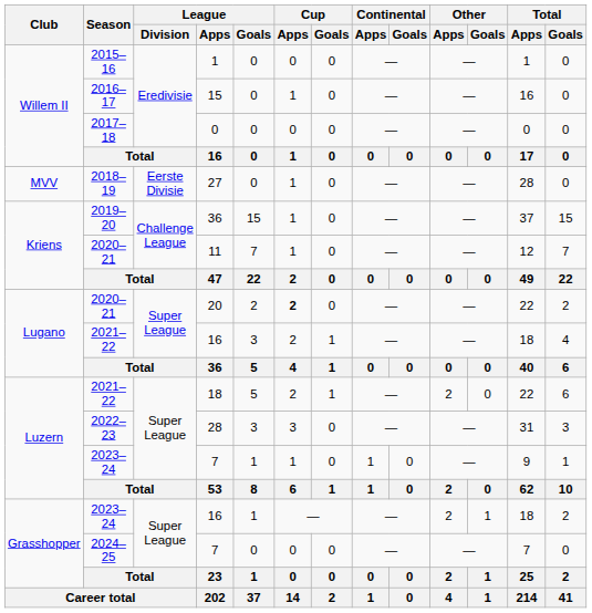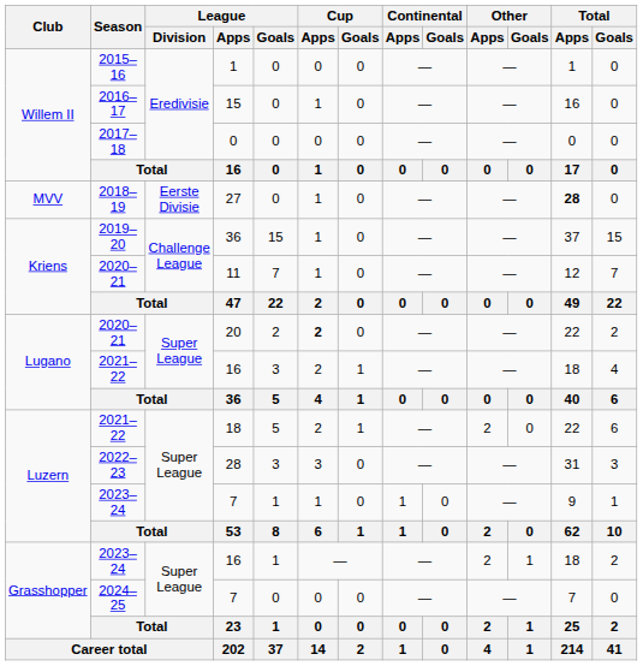 <table class="wikitable" style="text-align:center">
 <tr>
 <th rowspan="2">Club</th>
 <th rowspan="2">Season</th>
 <th colspan="3">League</th>
 <th colspan="2">Cup</th>
 <th colspan="2">Continental</th>
 <th colspan="2">Other</th>
 <th colspan="2">Total</th>
 </tr>
 <tr>
 <th>Division</th>
 <th>Apps</th>
 <th>Goals</th>
 <th>Apps</th>
 <th>Goals</th>
 <th>Apps</th>
 <th>Goals</th>
 <th>Apps</th>
 <th>Goals</th>
 <th>Apps</th>
 <th>Goals</th>
 </tr>
 <tr>
 <td rowspan="4"><a href='#'>Willem II</a></td>
 <td><a href='#'>2015–16</a></td>
 <td rowspan="3"><a href='#'>Eredivisie</a></td>
 <td>1</td>
 <td>0</td>
 <td>0</td>
 <td>0</td>
 <td colspan="2">—</td>
 <td colspan="2">—</td>
 <td>1</td>
 <td>0</td>
 </tr>
 <tr>
 <td><a href='#'>2016–17</a></td>
 <td>15</td>
 <td>0</td>
 <td>1</td>
 <td>0</td>
 <td colspan="2">—</td>
 <td colspan="2">—</td>
 <td>16</td>
 <td>0</td>
 </tr>
 <tr>
 <td><a href='#'>2017–18</a></td>
 <td>0</td>
 <td>0</td>
 <td>0</td>
 <td>0</td>
 <td colspan="2">—</td>
 <td colspan="2">—</td>
 <td>0</td>
 <td>0</td>
 </tr>
 <tr>
 <th colspan="2">Total</th>
 <th>16</th>
 <th>0</th>
 <th>1</th>
 <th>0</th>
 <th>0</th>
 <th>0</th>
 <th>0</th>
 <th>0</th>
 <th>17</th>
 <th>0</th>
 </tr>
 <tr>
 <td><a href='#'>MVV</a></td>
 <td><a href='#'>2018–19</a></td>
 <td><a href='#'>Eerste Divisie</a></td>
 <td>27</td>
 <td>0</td>
 <td>1</td>
 <td>0</td>
 <td colspan="2">—</td>
 <td colspan="2">—</td>
-<td>28</td>
+<td><strong>28</strong></td>
 <td>0</td>
 </tr>
 <tr>
 <td rowspan="3"><a href='#'>Kriens</a></td>
 <td><a href='#'>2019–20</a></td>
 <td rowspan="2"><a href='#'>Challenge League</a></td>
 <td>36</td>
 <td>15</td>
 <td>1</td>
 <td>0</td>
 <td colspan="2">—</td>
 <td colspan="2">—</td>
 <td>37</td>
 <td>15</td>
 </tr>
 <tr>
 <td><a href='#'>2020–21</a></td>
 <td>11</td>
 <td>7</td>
 <td>1</td>
 <td>0</td>
 <td colspan="2">—</td>
 <td colspan="2">—</td>
 <td>12</td>
 <td>7</td>
 </tr>
 <tr>
 <th colspan="2">Total</th>
 <th>47</th>
 <th>22</th>
 <th>2</th>
 <th>0</th>
 <th>0</th>
 <th>0</th>
 <th>0</th>
 <th>0</th>
 <th>49</th>
 <th>22</th>
 </tr>
 <tr>
 <td rowspan="3"><a href='#'>Lugano</a></td>
 <td><a href='#'>2020–21</a></td>
 <td rowspan="2"><a href='#'>Super League</a></td>
 <td>20</td>
 <td>2</td>
 <td><strong>2</strong></td>
 <td>0</td>
 <td colspan="2">—</td>
 <td colspan="2">—</td>
 <td>22</td>
 <td>2</td>
 </tr>
 <tr>
 <td><a href='#'>2021–22</a></td>
 <td>16</td>
 <td>3</td>
 <td>2</td>
 <td>1</td>
 <td colspan="2">—</td>
 <td colspan="2">—</td>
 <td>18</td>
 <td>4</td>
 </tr>
 <tr>
 <th colspan="2">Total</th>
 <th>36</th>
 <th>5</th>
 <th>4</th>
 <th>1</th>
 <th>0</th>
 <th>0</th>
 <th>0</th>
 <th>0</th>
 <th>40</th>
 <th>6</th>
 </tr>
 <tr>
 <td rowspan="4"><a href='#'>Luzern</a></td>
 <td><a href='#'>2021–22</a></td>
 <td rowspan="3">Super League</td>
 <td>18</td>
 <td>5</td>
 <td>2</td>
 <td>1</td>
 <td colspan="2">—</td>
 <td>2</td>
 <td>0</td>
 <td>22</td>
 <td>6</td>
 </tr>
 <tr>
 <td><a href='#'>2022–23</a></td>
 <td>28</td>
 <td>3</td>
 <td>3</td>
 <td>0</td>
 <td colspan="2">—</td>
 <td colspan="2">—</td>
 <td>31</td>
 <td>3</td>
 </tr>
 <tr>
 <td><a href='#'>2023–24</a></td>
 <td>7</td>
 <td>1</td>
 <td>1</td>
 <td>0</td>
 <td>1</td>
 <td>0</td>
 <td colspan="2">—</td>
 <td>9</td>
 <td>1</td>
 </tr>
 <tr>
 <th colspan="2">Total</th>
 <th>53</th>
 <th>8</th>
 <th>6</th>
 <th>1</th>
 <th>1</th>
 <th>0</th>
 <th>2</th>
 <th>0</th>
 <th>62</th>
 <th>10</th>
 </tr>
 <tr>
 <td rowspan=3><a href='#'>Grasshopper</a></td>
 <td><a href='#'>2023–24</a></td>
 <td rowspan=2>Super League</td>
 <td>16</td>
 <td>1</td>
 <td colspan="2">—</td>
 <td colspan="2">—</td>
 <td>2</td>
 <td>1</td>
 <td>18</td>
 <td>2</td>
 </tr>
 <tr>
 <td><a href='#'>2024–25</a></td>
 <td>7</td>
 <td>0</td>
 <td>0</td>
 <td>0</td>
 <td colspan="2">—</td>
 <td colspan="2">—</td>
 <td>7</td>
 <td>0</td>
 </tr>
 <tr>
 <th colspan=2>Total</th>
 <th>23</th>
 <th>1</th>
 <th>0</th>
 <th>0</th>
 <th>0</th>
 <th>0</th>
 <th>2</th>
 <th>1</th>
 <th>25</th>
 <th>2</th>
 </tr>
 <tr>
 <th colspan="3">Career total</th>
 <th>202</th>
 <th>37</th>
 <th>14</th>
 <th>2</th>
 <th>1</th>
 <th>0</th>
 <th>4</th>
 <th>1</th>
 <th>214</th>
 <th>41</th>
 </tr>
 </table>
